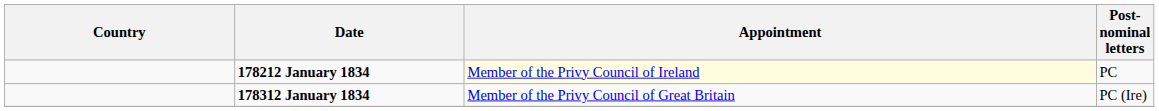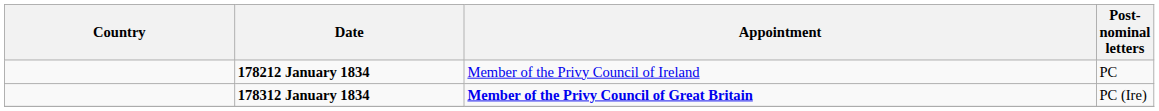 <table class="wikitable" style="width:100%;">
 <tr>
 <th style="width:20%;">Country</th>
 <th style="width:20%;">Date</th>
 <th style="width:55%;">Appointment</th>
 <th style="width:5%;">Post-nominal letters</th>
 </tr>
 <tr>
 <td></td>
 <td><strong>178212 January 1834</strong></td>
-<td style="background: lightyellow;"><a href='#'>Member of the Privy Council of Ireland</a></td>
+<td><a href='#'>Member of the Privy Council of Ireland</a></td>
 <td>PC</td>
 </tr>
 <tr>
 <td></td>
 <td><strong>178312 January 1834</strong></td>
-<td><a href='#'>Member of the Privy Council of Great Britain</a></td>
+<td><strong><a href='#'>Member of the Privy Council of Great Britain</a></strong></td>
 <td>PC (Ire)</td>
 </tr>
 <tr>
 </tr>
 </table>
